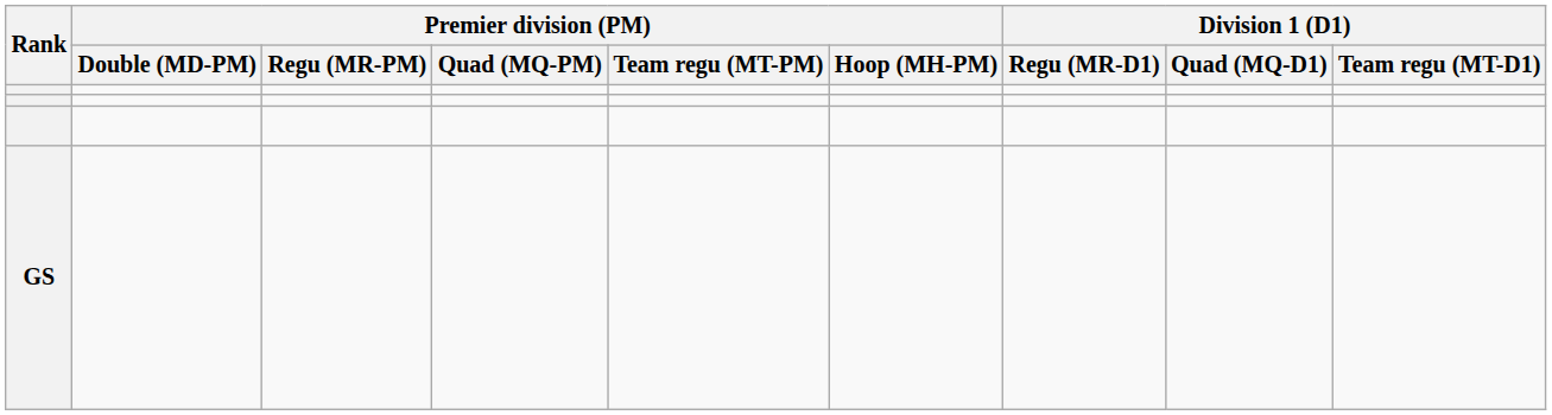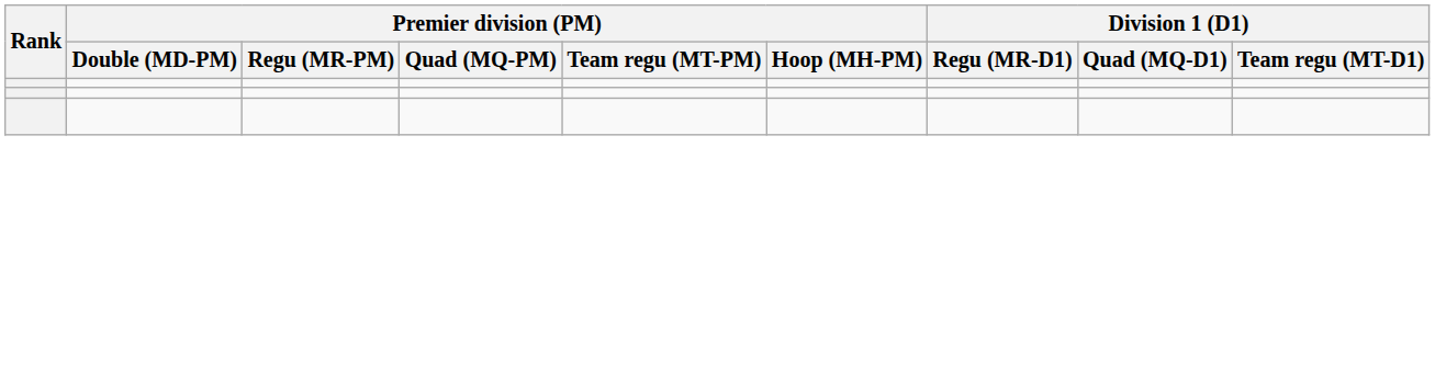 <table class="wikitable" style="font-size: 90%;">
 <tr>
 <th rowspan=2>Rank</th>
 <th colspan=5>Premier division (PM)</th>
 <th colspan=3>Division 1 (D1)</th>
 </tr>
 <tr>
 <th>Double (MD-PM)</th>
 <th>Regu (MR-PM)</th>
 <th>Quad (MQ-PM)</th>
 <th>Team regu (MT-PM)</th>
 <th>Hoop (MH-PM)</th>
 <th>Regu (MR-D1)</th>
 <th>Quad (MQ-D1)</th>
 <th>Team regu (MT-D1)</th>
 </tr>
 <tr>
 <th></th>
 <td></td>
 <td></td>
 <td></td>
 <td></td>
 <td></td>
 <td></td>
 <td></td>
 <td></td>
 </tr>
 <tr>
 <th></th>
 <td></td>
 <td></td>
 <td></td>
 <td></td>
 <td></td>
 <td></td>
 <td></td>
 <td></td>
 </tr>
 <tr>
 <th></th>
 <td><br></td>
 <td><br></td>
 <td><br></td>
 <td><br></td>
 <td><br></td>
 <td><br></td>
 <td><br></td>
 <td><br></td>
 </tr>
-<tr>
-<th>GS</th>
-<td><br><br><br><br><br><br><br><br><br></td>
-<td style="vertical-align: top;"><br><br></td>
-<td style="vertical-align: top;"><br><br><br></td>
-<td style="vertical-align: top;"><br><br></td>
-<td style="vertical-align: top;"><br></td>
-<td style="vertical-align: top;"><br><br><br><br></td>
-<td style="vertical-align: top;"><br><br><br></td>
-<td style="vertical-align: top;"><br></td>
-</tr>
 </table>
